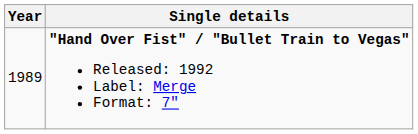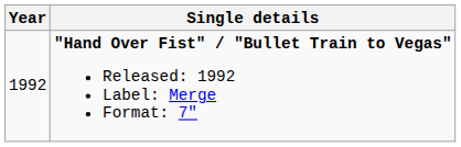 <table class ="wikitable">
 <tr>
 <th>Year</th>
 <th>Single details</th>
 </tr>
 <tr>
-<td>1989</td>
+<td>1992</td>
 <td><strong>"Hand Over Fist" / "Bullet Train to Vegas"</strong><br><ul><li>Released: 1992</li><li>Label: <a href='#'>Merge</a></li><li>Format: <a href='#'>7"</a></li></ul></td>
 </tr>
 </table>
